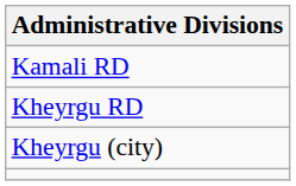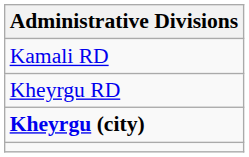 <table class="wikitable">
 <tr>
 <th>Administrative Divisions</th>
 </tr>
 <tr>
 <td><a href='#'>Kamali RD</a></td>
 </tr>
 <tr>
 <td><a href='#'>Kheyrgu RD</a></td>
 </tr>
 <tr>
-<td><a href='#'>Kheyrgu</a> (city)</td>
+<td><strong><a href='#'>Kheyrgu</a> (city)</strong></td>
 </tr>
 <tr>
 <td colspan=1></td>
 </tr>
 </table>
